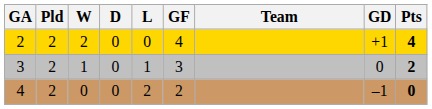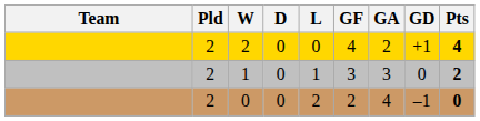 <table class="wikitable" style="text-align: center;">
 <tr>
-<th width=25>GA</th>
+<th width=165>Team</th>
 <th width=25>Pld</th>
 <th width=25>W</th>
 <th width=25>D</th>
 <th width=25>L</th>
 <th width=25>GF</th>
-<th width=165>Team</th>
+<th width=25>GA</th>
 <th width=25>GD</th>
 <th width=25>Pts</th>
 </tr>
 <tr bgcolor=gold>
-<td>2</td>
+<td align="left"></td>
 <td>2</td>
 <td>2</td>
 <td>0</td>
 <td>0</td>
 <td>4</td>
-<td align="left"></td>
+<td>2</td>
 <td>+1</td>
 <td><strong>4</strong></td>
 </tr>
 <tr bgcolor=silver>
-<td>3</td>
+<td align="left"></td>
 <td>2</td>
 <td>1</td>
 <td>0</td>
 <td>1</td>
 <td>3</td>
-<td align="left"></td>
+<td>3</td>
 <td>0</td>
 <td><strong>2</strong></td>
 </tr>
 <tr bgcolor=#cc9966>
-<td>4</td>
+<td align="left"></td>
 <td>2</td>
 <td>0</td>
 <td>0</td>
 <td>2</td>
 <td>2</td>
-<td align="left"></td>
+<td>4</td>
 <td>–1</td>
 <td><strong>0</strong></td>
 </tr>
 </table>
